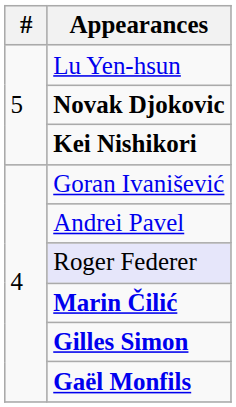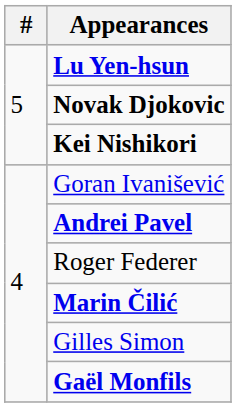 <table class="wikitable" style="display:inline-table;">
 <tr>
 <th width=20>#</th>
 <th>Appearances</th>
 </tr>
 <tr>
 <td rowspan="3">5</td>
-<td> <a href='#'>Lu Yen-hsun</a></td>
+<td><strong> <a href='#'>Lu Yen-hsun</a></strong></td>
 </tr>
 <tr>
 <td> <strong>Novak Djokovic</strong></td>
 </tr>
 <tr>
 <td> <strong>Kei Nishikori</strong></td>
 </tr>
 <tr>
 <td rowspan="6">4</td>
 <td> <a href='#'>Goran Ivanišević</a></td>
 </tr>
 <tr>
-<td> <a href='#'>Andrei Pavel</a></td>
+<td><strong> <a href='#'>Andrei Pavel</a></strong></td>
 </tr>
 <tr>
-<td style="background: lavender;"> Roger Federer</td>
+<td> Roger Federer</td>
 </tr>
 <tr>
 <td> <strong><a href='#'>Marin Čilić</a></strong></td>
 </tr>
 <tr>
-<td><strong> <a href='#'>Gilles Simon</a></strong></td>
+<td> <a href='#'>Gilles Simon</a></td>
 </tr>
 <tr>
 <td> <strong><a href='#'>Gaël Monfils</a></strong></td>
 </tr>
 </table>
